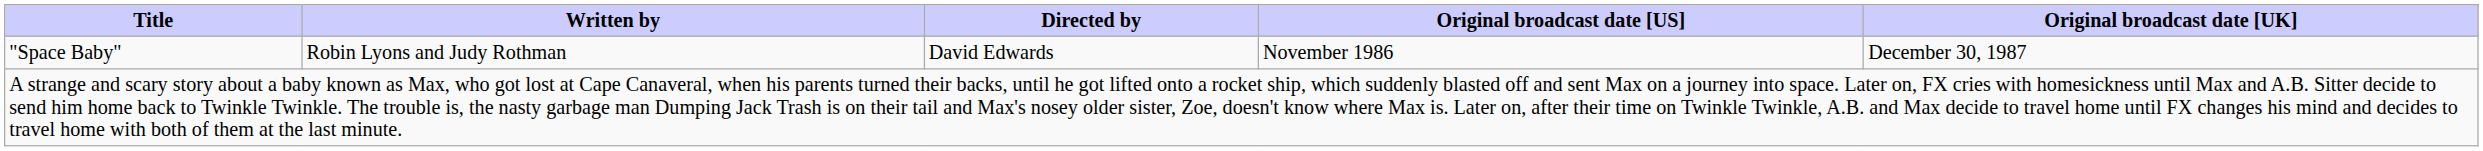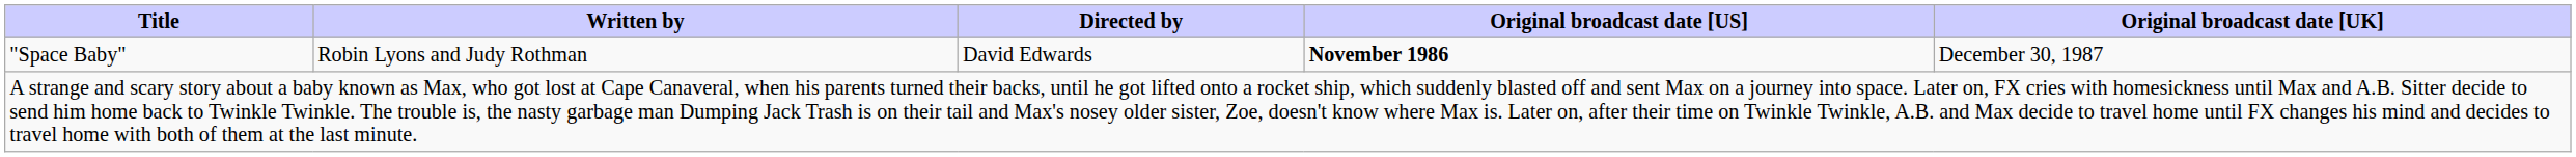 <table class="wikitable" width=99%>
 <tr>
 <th style="background: #CCCCFF"><strong>Title</strong></th>
 <th style="background: #CCCCFF"><strong>Written by</strong></th>
 <th style="background: #CCCCFF"><strong>Directed by</strong></th>
 <th style="background: #CCCCFF"><strong>Original broadcast date [US]</strong></th>
 <th style="background: #CCCCFF"><strong>Original broadcast date [UK]</strong></th>
 </tr>
 <tr>
 <td>"Space Baby"</td>
 <td>Robin Lyons and Judy Rothman</td>
 <td>David Edwards</td>
-<td>November 1986</td>
+<td><strong>November 1986</strong></td>
 <td>December 30, 1987</td>
 </tr>
 <tr>
 <td colspan="5">A strange and scary story about a baby known as Max, who got lost at Cape Canaveral, when his parents turned their backs, until he got lifted onto a rocket ship, which suddenly blasted off and sent Max on a journey into space. Later on, FX cries with homesickness until Max and A.B. Sitter decide to send him home back to Twinkle Twinkle. The trouble is, the nasty garbage man Dumping Jack Trash is on their tail and Max's nosey older sister, Zoe, doesn't know where Max is. Later on, after their time on Twinkle Twinkle, A.B. and Max decide to travel home until FX changes his mind and decides to travel home with both of them at the last minute.</td>
 </tr>
 </table>
